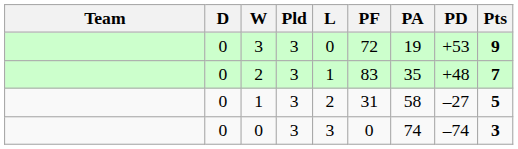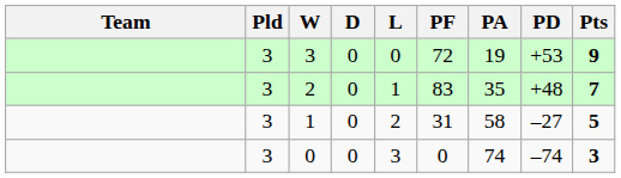 <table class="wikitable" style="text-align:center;">
 <tr>
 <th width=175>Team</th>
+<th width=25 abbr="Played">Pld</th>
+<th width=25 abbr="Won">W</th>
 <th width=25 abbr="Drawn">D</th>
-<th width=25 abbr="Won">W</th>
-<th width=25 abbr="Played">Pld</th>
 <th width=25 abbr="Lost">L</th>
 <th width=32 abbr="Points for">PF</th>
 <th width=32 abbr="Points against">PA</th>
 <th width=32 abbr="Points difference">PD</th>
 <th width=25 abbr="Points">Pts</th>
 </tr>
 <tr bgcolor=ccffcc>
 <td align=left></td>
-<td>0</td>
 <td>3</td>
 <td>3</td>
+<td>0</td>
 <td>0</td>
 <td>72</td>
 <td>19</td>
 <td>+53</td>
 <td><strong>9</strong></td>
 </tr>
 <tr bgcolor=ccffcc>
 <td align=left></td>
+<td>3</td>
+<td>2</td>
 <td>0</td>
-<td>2</td>
-<td>3</td>
 <td>1</td>
 <td>83</td>
 <td>35</td>
 <td>+48</td>
 <td><strong>7</strong></td>
 </tr>
 <tr>
 <td align=left></td>
+<td>3</td>
+<td>1</td>
 <td>0</td>
-<td>1</td>
-<td>3</td>
 <td>2</td>
 <td>31</td>
 <td>58</td>
 <td>–27</td>
 <td><strong>5</strong></td>
 </tr>
 <tr>
 <td align=left></td>
+<td>3</td>
 <td>0</td>
 <td>0</td>
-<td>3</td>
 <td>3</td>
 <td>0</td>
 <td>74</td>
 <td>–74</td>
 <td><strong>3</strong></td>
 </tr>
 </table>
